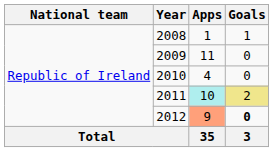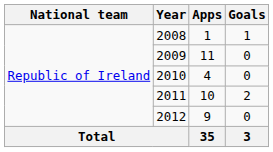 <table class="wikitable" style="text-align:center">
 <tr>
 <th>National team</th>
 <th>Year</th>
 <th>Apps</th>
 <th>Goals</th>
 </tr>
 <tr>
 <td rowspan="5"><a href='#'>Republic of Ireland</a></td>
 <td>2008</td>
 <td>1</td>
 <td>1</td>
 </tr>
 <tr>
 <td>2009</td>
 <td>11</td>
 <td>0</td>
 </tr>
 <tr>
 <td>2010</td>
 <td>4</td>
 <td>0</td>
 </tr>
 <tr>
 <td>2011</td>
-<td style="background: paleturquoise;">10</td>
-<td style="background: khaki;">2</td>
+<td>10</td>
+<td>2</td>
 </tr>
 <tr>
 <td>2012</td>
-<td style="background: lightsalmon;">9</td>
-<td><strong>0</strong></td>
+<td>9</td>
+<td>0</td>
 </tr>
 <tr>
 <th colspan="2">Total</th>
 <th>35</th>
 <th>3</th>
 </tr>
 </table>
